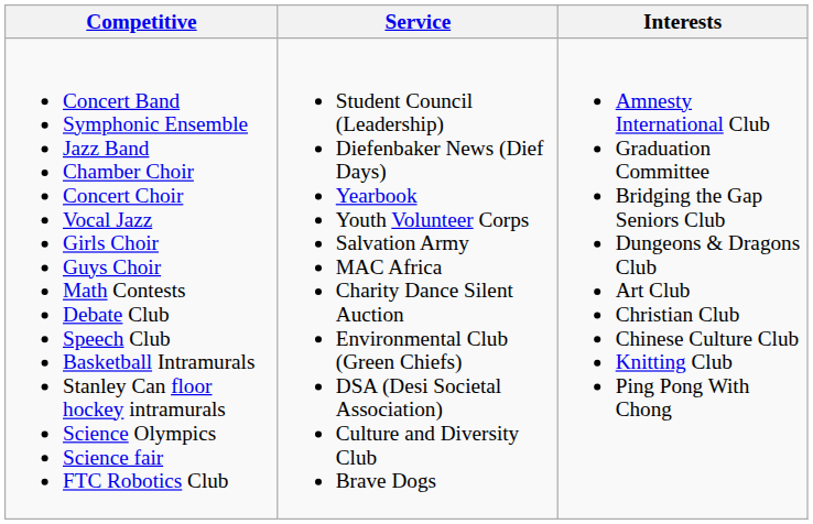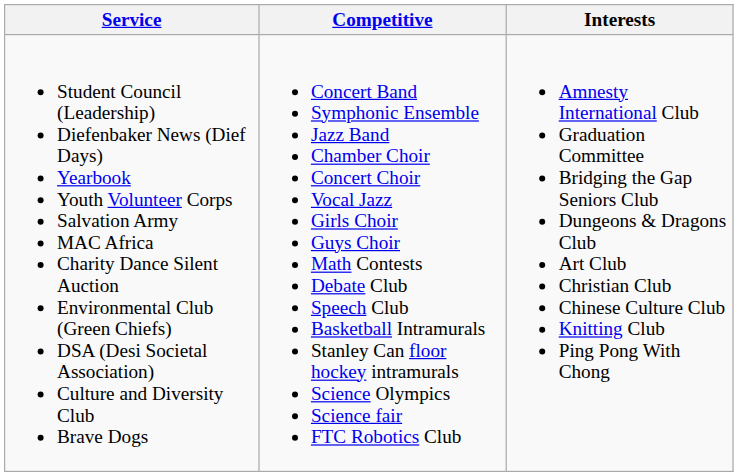 <table class="wikitable">
 <tr>
+<th><a href='#'>Service</a></th>
 <th><a href='#'>Competitive</a></th>
-<th><a href='#'>Service</a></th>
 <th>Interests</th>
 </tr>
 <tr style="vertical-align:top;">
+<td><br><ul><li>Student Council (Leadership)</li><li>Diefenbaker News (Dief Days)</li><li><a href='#'>Yearbook</a></li><li>Youth <a href='#'>Volunteer</a> Corps</li><li>Salvation Army</li><li>MAC Africa</li><li>Charity Dance Silent Auction</li><li>Environmental Club (Green Chiefs)</li><li>DSA (Desi Societal Association)</li><li>Culture and Diversity Club</li><li>Brave Dogs</li></ul></td>
 <td><br><ul><li><a href='#'>Concert Band</a></li><li><a href='#'>Symphonic Ensemble</a></li><li><a href='#'>Jazz Band</a></li><li><a href='#'>Chamber Choir</a></li><li><a href='#'>Concert Choir</a></li><li><a href='#'>Vocal Jazz</a></li><li><a href='#'>Girls Choir</a></li><li><a href='#'>Guys Choir</a></li><li><a href='#'>Math</a> Contests</li><li><a href='#'>Debate</a> Club</li><li><a href='#'>Speech</a> Club</li><li><a href='#'>Basketball</a> Intramurals</li><li>Stanley Can <a href='#'>floor hockey</a> intramurals</li><li><a href='#'>Science</a> Olympics</li><li><a href='#'>Science fair</a></li><li><a href='#'>FTC Robotics</a> Club</li></ul></td>
-<td><br><ul><li>Student Council (Leadership)</li><li>Diefenbaker News (Dief Days)</li><li><a href='#'>Yearbook</a></li><li>Youth <a href='#'>Volunteer</a> Corps</li><li>Salvation Army</li><li>MAC Africa</li><li>Charity Dance Silent Auction</li><li>Environmental Club (Green Chiefs)</li><li>DSA (Desi Societal Association)</li><li>Culture and Diversity Club</li><li>Brave Dogs</li></ul></td>
 <td><br><ul><li><a href='#'>Amnesty International</a> Club</li><li>Graduation Committee</li><li>Bridging the Gap Seniors Club</li><li>Dungeons & Dragons Club</li><li>Art Club</li><li>Christian Club</li><li>Chinese Culture Club</li><li><a href='#'>Knitting</a> Club</li><li>Ping Pong With Chong</li></ul></td>
 </tr>
 </table>
